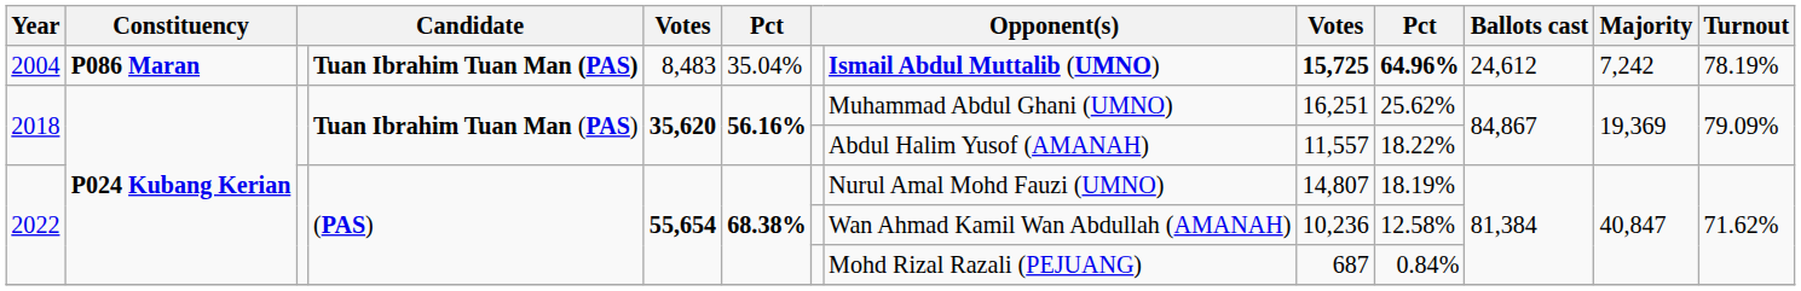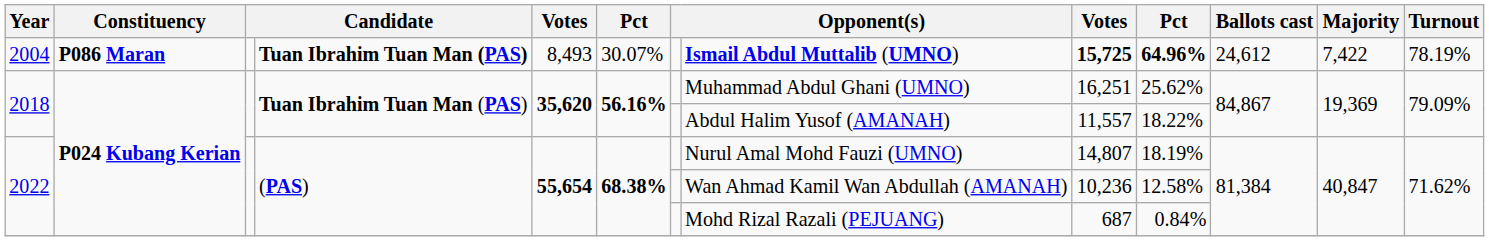 <table class="wikitable" style="margin:0.5em ; font-size:95%">
 <tr>
 <th>Year</th>
 <th>Constituency</th>
 <th colspan=2>Candidate</th>
 <th>Votes</th>
 <th>Pct</th>
 <th colspan=2>Opponent(s)</th>
 <th>Votes</th>
 <th>Pct</th>
 <th>Ballots cast</th>
 <th>Majority</th>
 <th>Turnout</th>
 </tr>
 <tr>
 <td><a href='#'>2004</a></td>
 <td><strong>P086 <a href='#'>Maran</a></strong></td>
 <td></td>
 <td><strong>Tuan Ibrahim Tuan Man (<a href='#'>PAS</a>)</strong></td>
-<td align=right>8,483</td>
-<td>35.04%</td>
+<td align=right>8,493</td>
+<td>30.07%</td>
 <td></td>
 <td><strong><a href='#'>Ismail Abdul Muttalib</a></strong> (<a href='#'><strong>UMNO</strong></a>)</td>
 <td align=right><strong>15,725</strong></td>
 <td><strong>64.96%</strong></td>
 <td>24,612</td>
-<td>7,242</td>
+<td>7,422</td>
 <td>78.19%</td>
 </tr>
 <tr>
 <td rowspan="2"><a href='#'>2018</a></td>
 <td rowspan="5"><strong>P024 <a href='#'>Kubang Kerian</a></strong></td>
 <td rowspan="2" ></td>
 <td rowspan="2"><strong>Tuan Ibrahim Tuan Man</strong> (<a href='#'><strong>PAS</strong></a>)</td>
 <td rowspan="2" align=right><strong>35,620</strong></td>
 <td rowspan="2"><strong>56.16%</strong></td>
 <td></td>
 <td>Muhammad Abdul Ghani (<a href='#'>UMNO</a>)</td>
 <td align=right>16,251</td>
 <td>25.62%</td>
 <td rowspan="2">84,867</td>
 <td rowspan="2">19,369</td>
 <td rowspan="2">79.09%</td>
 </tr>
 <tr>
 <td></td>
 <td>Abdul Halim Yusof (<a href='#'>AMANAH</a>)</td>
 <td align=right>11,557</td>
 <td>18.22%</td>
 </tr>
 <tr>
 <td rowspan="3"><a href='#'>2022</a></td>
 <td rowspan="3" ></td>
 <td rowspan="3"><strong></strong> (<a href='#'><strong>PAS</strong></a>)</td>
 <td rowspan="3" align="right"><strong>55,654</strong></td>
 <td rowspan="3"><strong>68.38%</strong></td>
 <td></td>
 <td>Nurul Amal Mohd Fauzi (<a href='#'>UMNO</a>)</td>
 <td align="right">14,807</td>
 <td>18.19%</td>
 <td rowspan="3">81,384</td>
 <td rowspan="3">40,847</td>
 <td rowspan="3">71.62%</td>
 </tr>
 <tr>
 <td></td>
 <td>Wan Ahmad Kamil Wan Abdullah (<a href='#'>AMANAH</a>)</td>
 <td align="right">10,236</td>
 <td>12.58%</td>
 </tr>
 <tr>
 <td></td>
 <td>Mohd Rizal Razali (<a href='#'>PEJUANG</a>)</td>
 <td align="right">687</td>
 <td align=right>0.84%</td>
 </tr>
 <tr>
 </tr>
 </table>
